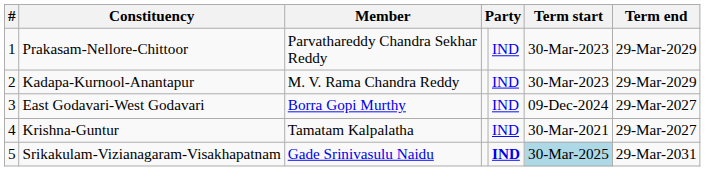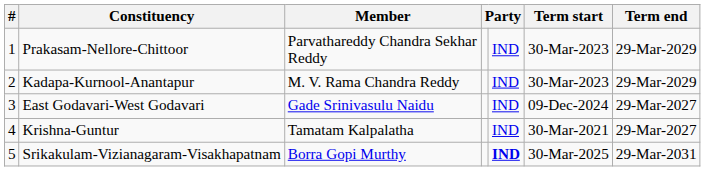 <table class="wikitable sortable">
 <tr>
 <th>#</th>
 <th>Constituency</th>
 <th style="width:200px">Member</th>
 <th colspan="2">Party</th>
 <th>Term start</th>
 <th>Term end</th>
 </tr>
 <tr>
 <td>1</td>
 <td>Prakasam-Nellore-Chittoor</td>
 <td>Parvathareddy Chandra Sekhar Reddy</td>
 <td></td>
 <td align="left"><a href='#'>IND</a></td>
 <td>30-Mar-2023</td>
 <td>29-Mar-2029</td>
 </tr>
 <tr>
 <td>2</td>
 <td>Kadapa-Kurnool-Anantapur</td>
 <td>M. V. Rama Chandra Reddy</td>
 <td></td>
 <td align="left"><a href='#'>IND</a></td>
 <td>30-Mar-2023</td>
 <td>29-Mar-2029</td>
 </tr>
 <tr>
 <td>3</td>
 <td>East Godavari-West Godavari</td>
-<td><a href='#'>Borra Gopi Murthy</a></td>
+<td><a href='#'>Gade Srinivasulu Naidu</a></td>
 <td></td>
 <td align="left"><a href='#'>IND</a></td>
 <td>09-Dec-2024</td>
 <td>29-Mar-2027</td>
 </tr>
 <tr>
 <td>4</td>
 <td>Krishna-Guntur</td>
 <td>Tamatam Kalpalatha</td>
 <td></td>
 <td align="left"><a href='#'>IND</a></td>
 <td>30-Mar-2021</td>
 <td>29-Mar-2027</td>
 </tr>
 <tr>
 <td>5</td>
 <td>Srikakulam-Vizianagaram-Visakhapatnam</td>
-<td><a href='#'>Gade Srinivasulu Naidu</a></td>
+<td><a href='#'>Borra Gopi Murthy</a></td>
 <td></td>
 <td align="left"><strong><a href='#'>IND</a></strong></td>
-<td style="background: lightblue;">30-Mar-2025</td>
+<td>30-Mar-2025</td>
 <td>29-Mar-2031</td>
 </tr>
 </table>
